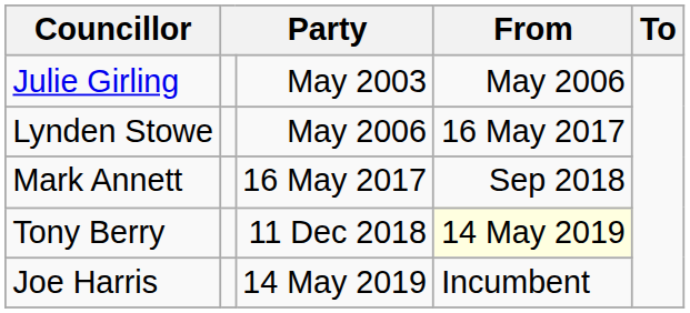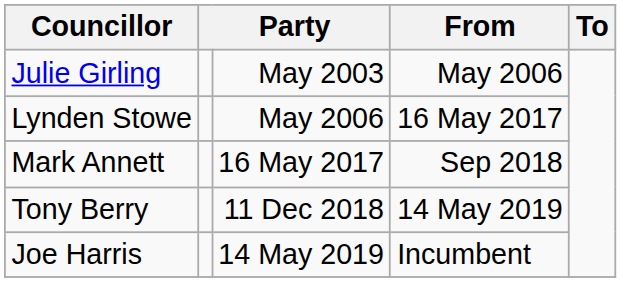 <table class=wikitable>
 <tr>
 <th>Councillor</th>
 <th colspan=2>Party</th>
 <th>From</th>
 <th>To</th>
 </tr>
 <tr>
 <td><a href='#'>Julie Girling</a></td>
 <td></td>
 <td align=right>May 2003</td>
 <td align=right>May 2006</td>
 </tr>
 <tr>
 <td>Lynden Stowe</td>
 <td></td>
 <td align=right>May 2006</td>
 <td align=right>16 May 2017</td>
 </tr>
 <tr>
 <td>Mark Annett</td>
 <td></td>
 <td align=right>16 May 2017</td>
 <td align=right>Sep 2018</td>
 </tr>
 <tr>
 <td>Tony Berry</td>
 <td></td>
 <td align=right>11 Dec 2018</td>
-<td align=right style="background: lightyellow;">14 May 2019</td>
+<td align=right>14 May 2019</td>
 </tr>
 <tr>
 <td>Joe Harris</td>
 <td></td>
 <td align=right>14 May 2019</td>
 <td>Incumbent</td>
 </tr>
 </table>
